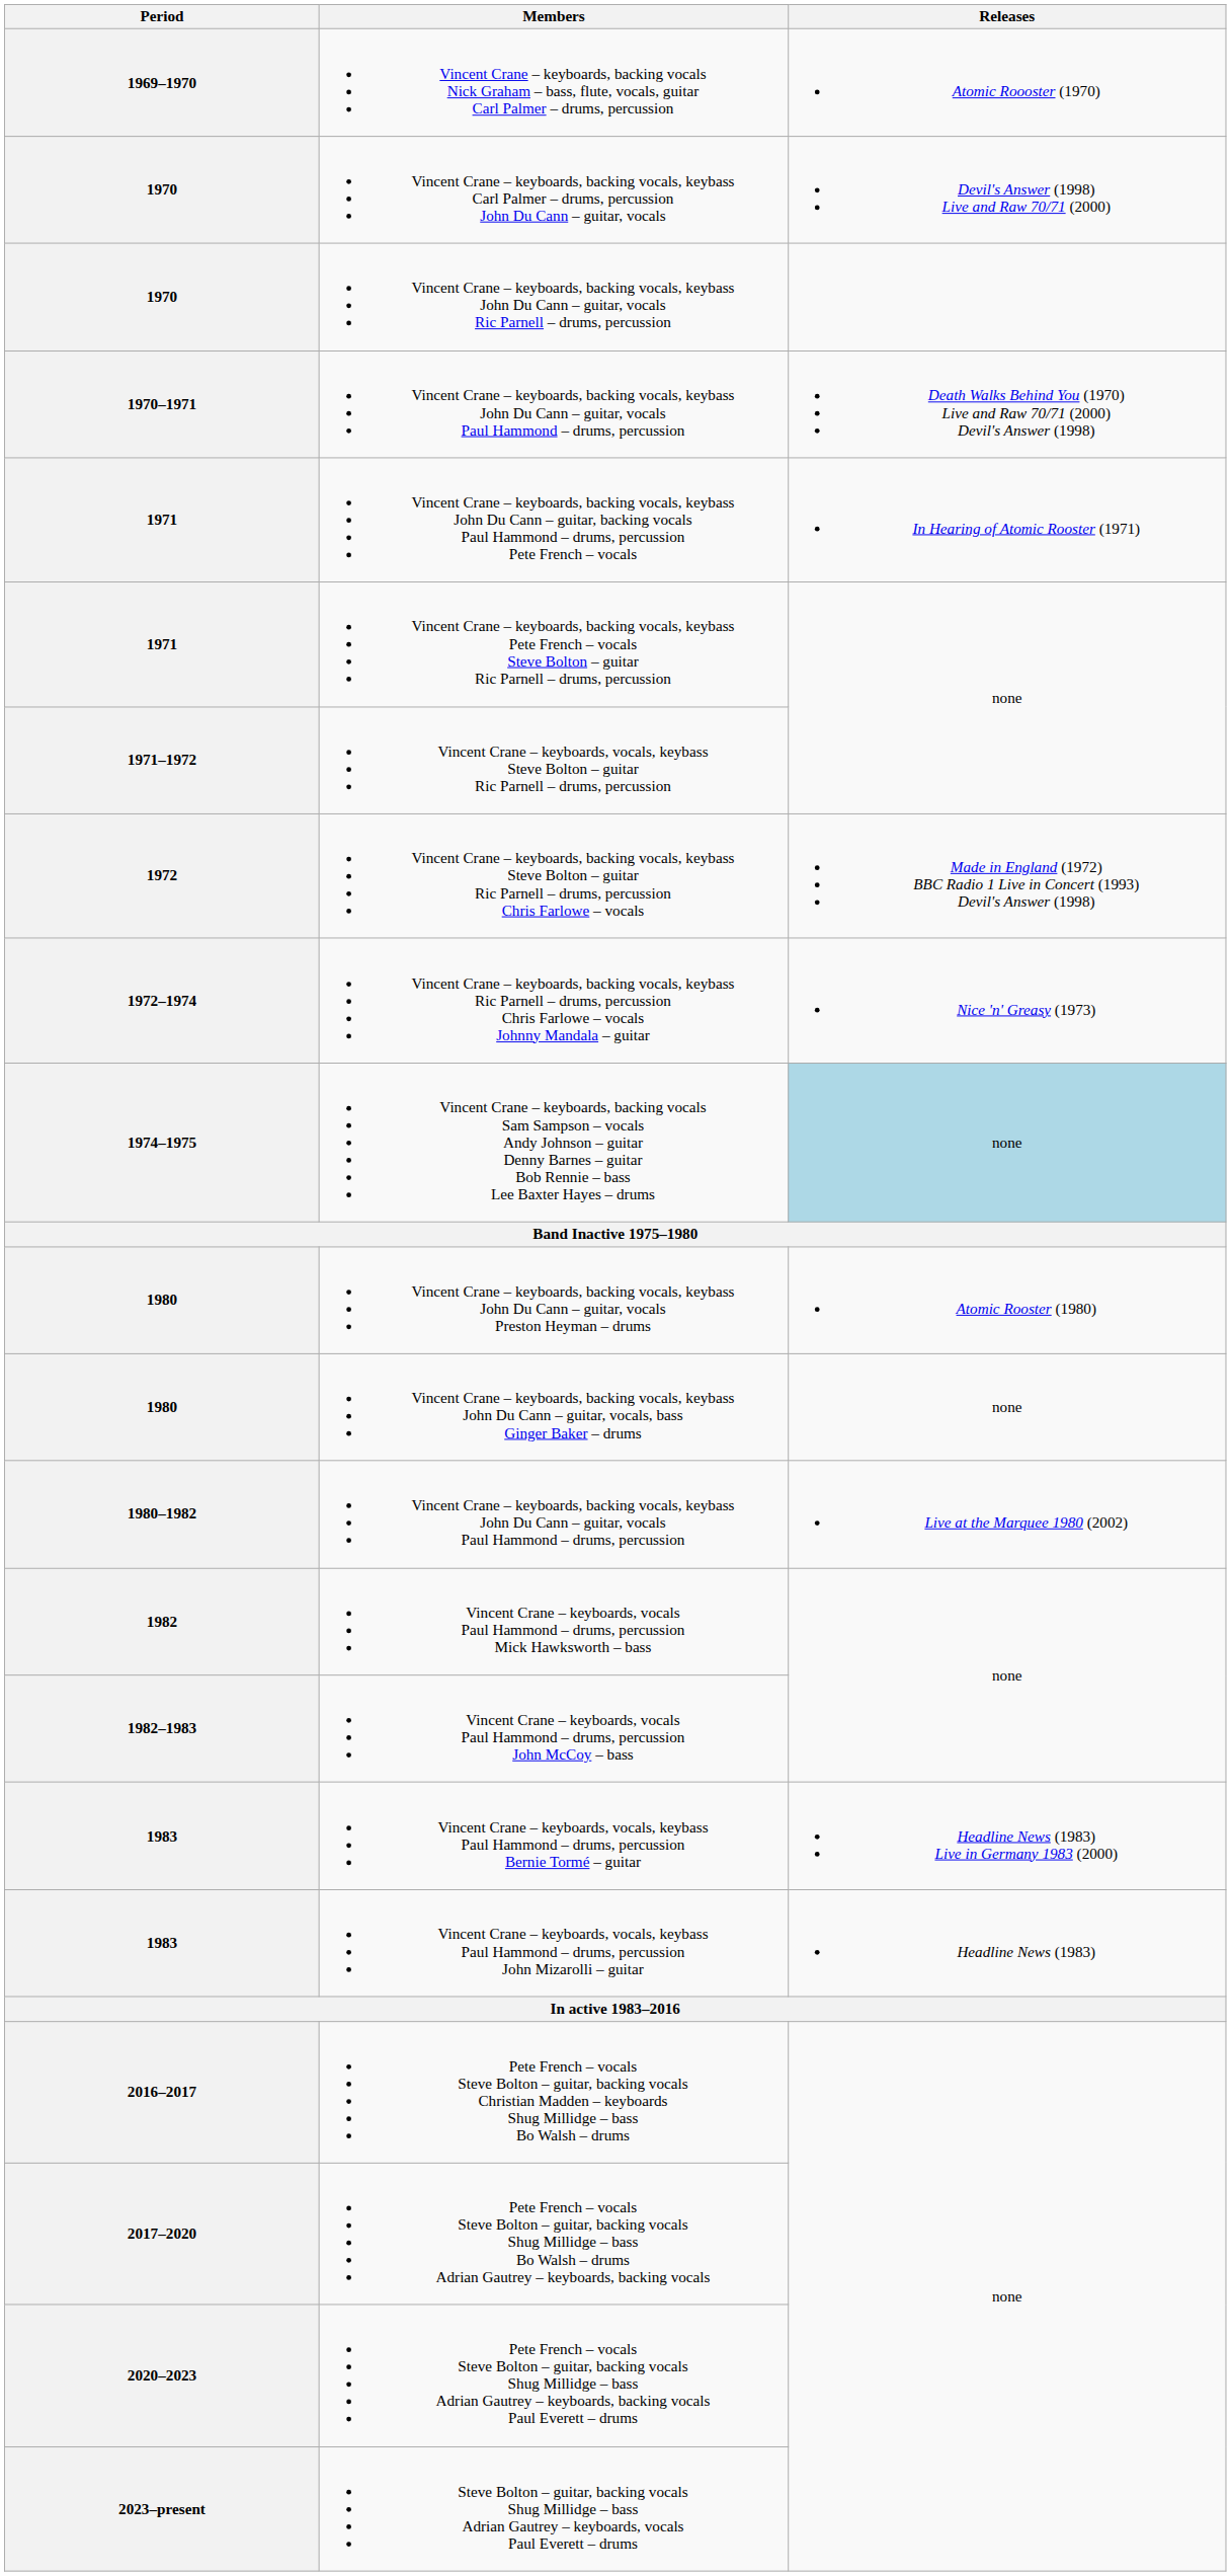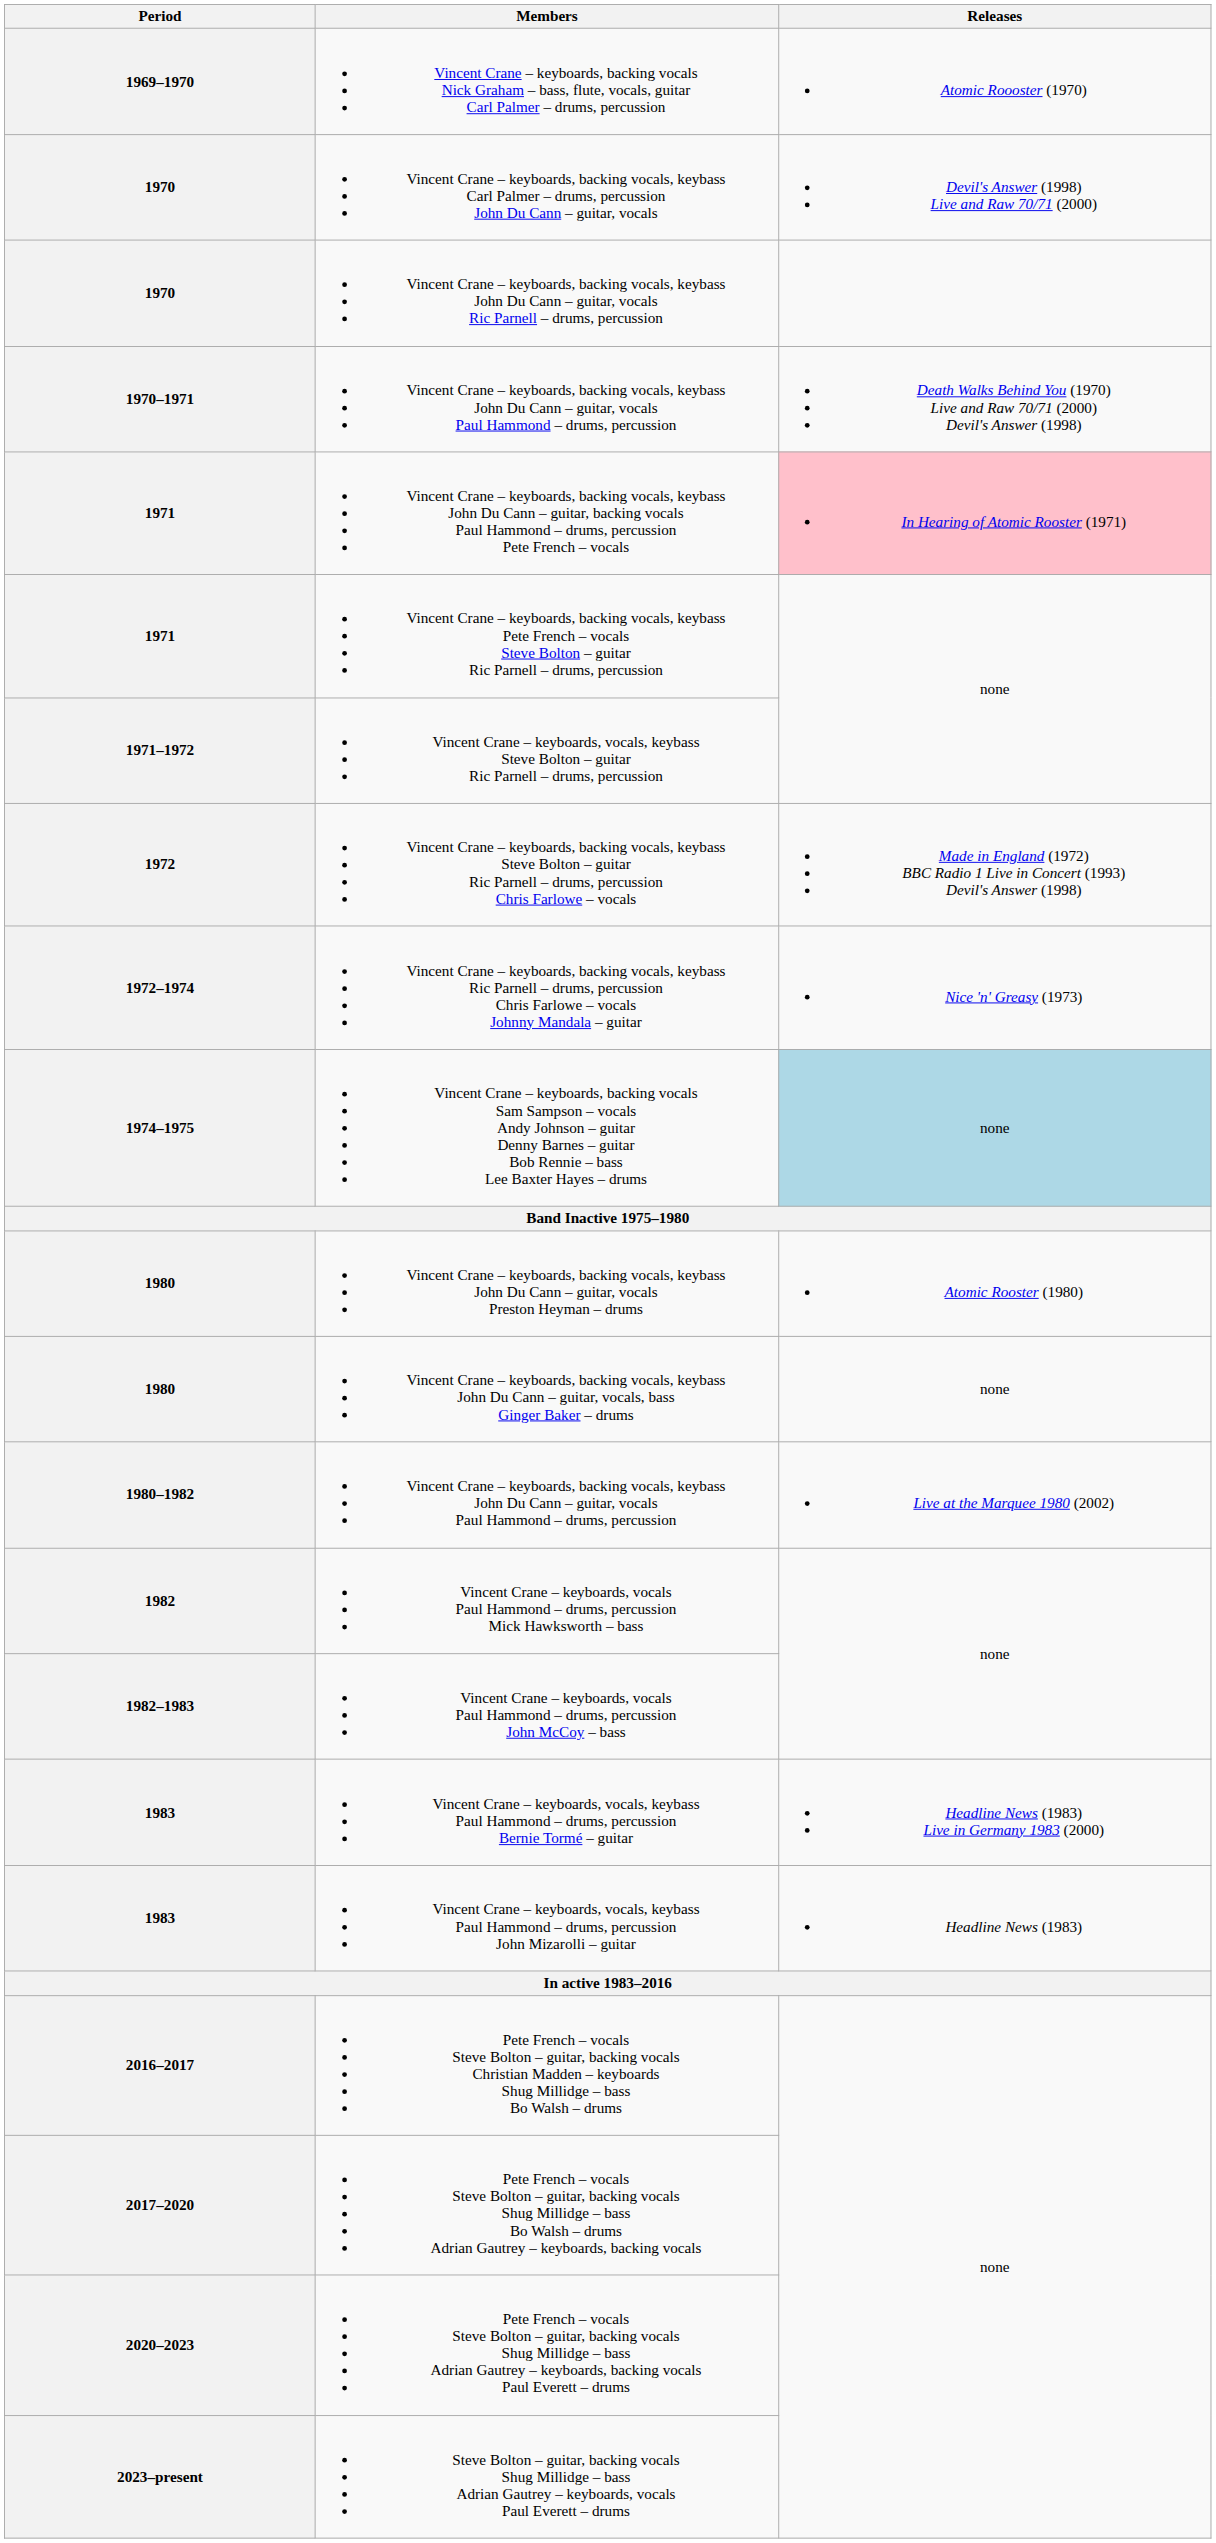 <table class="wikitable plainrowheaders" style="text-align:center;">
 <tr>
 <th scope="col" style="width:20em;">Period</th>
 <th scope="col" style="width:30em;">Members</th>
 <th scope="col" style="width:28em;">Releases</th>
 </tr>
 <tr>
 <th>1969–1970</th>
 <td><br><ul><li><a href='#'>Vincent Crane</a> – keyboards, backing vocals</li><li><a href='#'>Nick Graham</a> – bass, flute, vocals, guitar</li><li><a href='#'>Carl Palmer</a> – drums, percussion</li></ul></td>
 <td><br><ul><li><em><a href='#'>Atomic Roooster</a></em> (1970)</li></ul></td>
 </tr>
 <tr>
 <th>1970</th>
 <td><br><ul><li>Vincent Crane – keyboards, backing vocals, keybass</li><li>Carl Palmer – drums, percussion</li><li><a href='#'>John Du Cann</a> – guitar, vocals</li></ul></td>
 <td><br><ul><li><em><a href='#'>Devil's Answer</a></em> (1998)</li><li><em><a href='#'>Live and Raw 70/71</a></em> (2000)</li></ul></td>
 </tr>
 <tr>
 <th>1970</th>
 <td><br><ul><li>Vincent Crane – keyboards, backing vocals, keybass</li><li>John Du Cann – guitar, vocals</li><li><a href='#'>Ric Parnell</a> – drums, percussion</li></ul></td>
 <td></td>
 </tr>
 <tr>
 <th>1970–1971</th>
 <td><br><ul><li>Vincent Crane – keyboards, backing vocals, keybass</li><li>John Du Cann – guitar, vocals</li><li><a href='#'>Paul Hammond</a> – drums, percussion</li></ul></td>
 <td><br><ul><li><em><a href='#'>Death Walks Behind You</a></em> (1970)</li><li><em>Live and Raw 70/71</em> (2000)</li><li><em>Devil's Answer</em> (1998)</li></ul></td>
 </tr>
 <tr>
 <th>1971</th>
 <td><br><ul><li>Vincent Crane – keyboards, backing vocals, keybass</li><li>John Du Cann – guitar, backing vocals</li><li>Paul Hammond – drums, percussion</li><li>Pete French – vocals</li></ul></td>
-<td><br><ul><li><em><a href='#'>In Hearing of Atomic Rooster</a></em> (1971)</li></ul></td>
+<td style="background: pink;"><br><ul><li><em><a href='#'>In Hearing of Atomic Rooster</a></em> (1971)</li></ul></td>
 </tr>
 <tr>
 <th>1971 </th>
 <td><br><ul><li>Vincent Crane – keyboards, backing vocals, keybass</li><li>Pete French – vocals</li><li><a href='#'>Steve Bolton</a> – guitar</li><li>Ric Parnell – drums, percussion</li></ul></td>
 <td rowspan="2">none</td>
 </tr>
 <tr>
 <th>1971–1972</th>
 <td><br><ul><li>Vincent Crane – keyboards, vocals, keybass</li><li>Steve Bolton – guitar</li><li>Ric Parnell – drums, percussion</li></ul></td>
 </tr>
 <tr>
 <th>1972</th>
 <td><br><ul><li>Vincent Crane – keyboards, backing vocals, keybass</li><li>Steve Bolton – guitar</li><li>Ric Parnell – drums, percussion</li><li><a href='#'>Chris Farlowe</a> – vocals</li></ul></td>
 <td><br><ul><li><em><a href='#'>Made in England</a></em> (1972)</li><li><em>BBC Radio 1 Live in Concert</em> (1993)</li><li><em>Devil's Answer</em> (1998)</li></ul></td>
 </tr>
 <tr>
 <th>1972–1974</th>
 <td><br><ul><li>Vincent Crane – keyboards, backing vocals, keybass</li><li>Ric Parnell – drums, percussion</li><li>Chris Farlowe – vocals</li><li><a href='#'>Johnny Mandala</a> – guitar</li></ul></td>
 <td><br><ul><li><em><a href='#'>Nice 'n' Greasy</a></em> (1973)</li></ul></td>
 </tr>
 <tr>
 <th>1974–1975</th>
 <td><br><ul><li>Vincent Crane – keyboards, backing vocals</li><li>Sam Sampson – vocals</li><li>Andy Johnson – guitar</li><li>Denny Barnes – guitar</li><li>Bob Rennie – bass</li><li>Lee Baxter Hayes – drums</li></ul></td>
 <td style="background: lightblue;">none</td>
 </tr>
 <tr>
 <th colspan="3">Band Inactive 1975–1980</th>
 </tr>
 <tr>
 <th>1980</th>
 <td><br><ul><li>Vincent Crane – keyboards, backing vocals, keybass</li><li>John Du Cann – guitar, vocals</li><li>Preston Heyman – drums</li></ul></td>
 <td><br><ul><li><em><a href='#'>Atomic Rooster</a></em> (1980)</li></ul></td>
 </tr>
 <tr>
 <th>1980</th>
 <td><br><ul><li>Vincent Crane – keyboards, backing vocals, keybass</li><li>John Du Cann – guitar, vocals, bass</li><li><a href='#'>Ginger Baker</a> – drums</li></ul></td>
 <td>none</td>
 </tr>
 <tr>
 <th>1980–1982</th>
 <td><br><ul><li>Vincent Crane – keyboards, backing vocals, keybass</li><li>John Du Cann – guitar, vocals</li><li>Paul Hammond – drums, percussion</li></ul></td>
 <td><br><ul><li><em><a href='#'>Live at the Marquee 1980</a></em> (2002)</li></ul></td>
 </tr>
 <tr>
 <th>1982</th>
 <td><br><ul><li>Vincent Crane – keyboards, vocals</li><li>Paul Hammond – drums, percussion</li><li>Mick Hawksworth – bass</li></ul></td>
 <td rowspan="2">none</td>
 </tr>
 <tr>
 <th>1982–1983</th>
 <td><br><ul><li>Vincent Crane – keyboards, vocals</li><li>Paul Hammond – drums, percussion</li><li><a href='#'>John McCoy</a> – bass</li></ul></td>
 </tr>
 <tr>
 <th>1983</th>
 <td><br><ul><li>Vincent Crane – keyboards, vocals, keybass</li><li>Paul Hammond – drums, percussion</li><li><a href='#'>Bernie Tormé</a> – guitar</li></ul></td>
 <td><br><ul><li><em><a href='#'>Headline News</a></em> (1983)</li><li><em><a href='#'>Live in Germany 1983</a></em> (2000)</li></ul></td>
 </tr>
 <tr>
 <th>1983</th>
 <td><br><ul><li>Vincent Crane – keyboards, vocals, keybass</li><li>Paul Hammond – drums, percussion</li><li>John Mizarolli – guitar</li></ul></td>
 <td><br><ul><li><em>Headline News</em> (1983)</li></ul></td>
 </tr>
 <tr>
 <th colspan="3">In active 1983–2016</th>
 </tr>
 <tr>
 <th>2016–2017</th>
 <td><br><ul><li>Pete French – vocals</li><li>Steve Bolton – guitar, backing vocals</li><li>Christian Madden – keyboards</li><li>Shug Millidge – bass</li><li>Bo Walsh – drums</li></ul></td>
 <td rowspan="4">none</td>
 </tr>
 <tr>
 <th>2017–2020</th>
 <td><br><ul><li>Pete French – vocals</li><li>Steve Bolton – guitar, backing vocals</li><li>Shug Millidge – bass</li><li>Bo Walsh – drums</li><li>Adrian Gautrey – keyboards, backing vocals</li></ul></td>
 </tr>
 <tr>
 <th>2020–2023</th>
 <td><br><ul><li>Pete French – vocals</li><li>Steve Bolton – guitar, backing vocals</li><li>Shug Millidge – bass</li><li>Adrian Gautrey – keyboards, backing vocals</li><li>Paul Everett – drums</li></ul></td>
 </tr>
 <tr>
 <th>2023–present</th>
 <td><br><ul><li>Steve Bolton – guitar, backing vocals</li><li>Shug Millidge – bass</li><li>Adrian Gautrey – keyboards, vocals</li><li>Paul Everett – drums</li></ul></td>
 </tr>
 </table>
